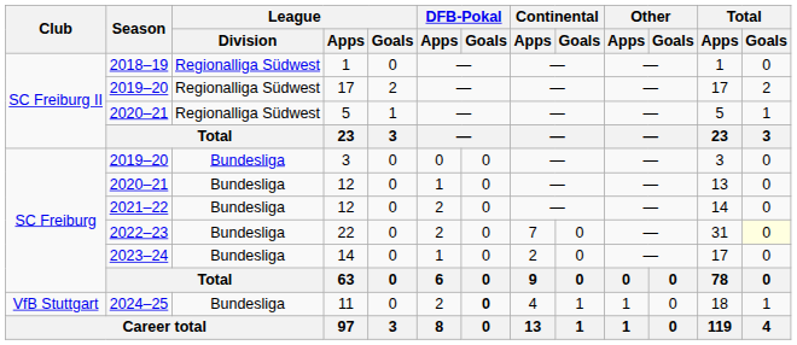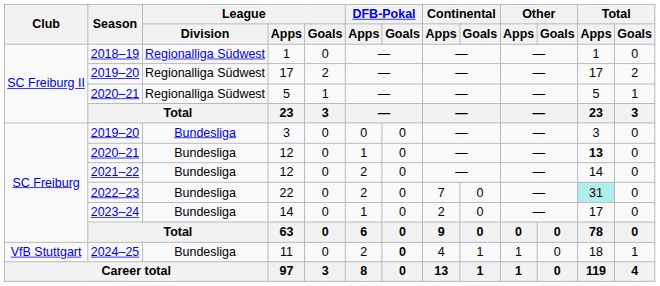 <table class="wikitable" style="text-align:center">
 <tr>
 <th rowspan="2">Club</th>
 <th rowspan="2">Season</th>
 <th colspan="3">League</th>
 <th colspan="2"><a href='#'>DFB-Pokal</a></th>
 <th colspan="2">Continental</th>
 <th colspan="2">Other</th>
 <th colspan="2">Total</th>
 </tr>
 <tr>
 <th>Division</th>
 <th>Apps</th>
 <th>Goals</th>
 <th>Apps</th>
 <th>Goals</th>
 <th>Apps</th>
 <th>Goals</th>
 <th>Apps</th>
 <th>Goals</th>
 <th>Apps</th>
 <th>Goals</th>
 </tr>
 <tr>
 <td rowspan="4"><a href='#'>SC Freiburg II</a></td>
 <td><a href='#'>2018–19</a></td>
 <td><a href='#'>Regionalliga Südwest</a></td>
 <td>1</td>
 <td>0</td>
 <td colspan="2">—</td>
 <td colspan="2">—</td>
 <td colspan="2">—</td>
 <td>1</td>
 <td>0</td>
 </tr>
 <tr>
 <td><a href='#'>2019–20</a></td>
 <td>Regionalliga Südwest</td>
 <td>17</td>
 <td>2</td>
 <td colspan="2">—</td>
 <td colspan="2">—</td>
 <td colspan="2">—</td>
 <td>17</td>
 <td>2</td>
 </tr>
 <tr>
 <td><a href='#'>2020–21</a></td>
 <td>Regionalliga Südwest</td>
 <td>5</td>
 <td>1</td>
 <td colspan="2">—</td>
 <td colspan="2">—</td>
 <td colspan="2">—</td>
 <td>5</td>
 <td>1</td>
 </tr>
 <tr>
 <th colspan="2">Total</th>
 <th>23</th>
 <th>3</th>
 <th colspan="2">—</th>
 <th colspan="2">—</th>
 <th colspan="2">—</th>
 <th>23</th>
 <th>3</th>
 </tr>
 <tr>
 <td rowspan="6"><a href='#'>SC Freiburg</a></td>
 <td><a href='#'>2019–20</a></td>
 <td><a href='#'>Bundesliga</a></td>
 <td>3</td>
 <td>0</td>
 <td>0</td>
 <td>0</td>
 <td colspan="2">—</td>
 <td colspan="2">—</td>
 <td>3</td>
 <td>0</td>
 </tr>
 <tr>
 <td><a href='#'>2020–21</a></td>
 <td>Bundesliga</td>
 <td>12</td>
 <td>0</td>
 <td>1</td>
 <td>0</td>
 <td colspan="2">—</td>
 <td colspan="2">—</td>
-<td>13</td>
+<td><strong>13</strong></td>
 <td>0</td>
 </tr>
 <tr>
 <td><a href='#'>2021–22</a></td>
 <td>Bundesliga</td>
 <td>12</td>
 <td>0</td>
 <td>2</td>
 <td>0</td>
 <td colspan="2">—</td>
 <td colspan="2">—</td>
 <td>14</td>
 <td>0</td>
 </tr>
 <tr>
 <td><a href='#'>2022–23</a></td>
 <td>Bundesliga</td>
 <td>22</td>
 <td>0</td>
 <td>2</td>
 <td>0</td>
 <td>7</td>
 <td>0</td>
 <td colspan="2">—</td>
-<td>31</td>
-<td style="background: lightyellow;">0</td>
+<td style="background: paleturquoise;">31</td>
+<td>0</td>
 </tr>
 <tr>
 <td><a href='#'>2023–24</a></td>
 <td>Bundesliga</td>
 <td>14</td>
 <td>0</td>
 <td>1</td>
 <td>0</td>
 <td>2</td>
 <td>0</td>
 <td colspan="2">—</td>
 <td>17</td>
 <td>0</td>
 </tr>
 <tr>
 <th colspan="2">Total</th>
 <th>63</th>
 <th>0</th>
 <th>6</th>
 <th>0</th>
 <th>9</th>
 <th>0</th>
 <th>0</th>
 <th>0</th>
 <th>78</th>
 <th>0</th>
 </tr>
 <tr>
 <td><a href='#'>VfB Stuttgart</a></td>
 <td><a href='#'>2024–25</a></td>
 <td>Bundesliga</td>
 <td>11</td>
 <td>0</td>
 <td>2</td>
 <td><strong>0</strong></td>
 <td>4</td>
 <td>1</td>
 <td>1</td>
 <td>0</td>
 <td>18</td>
 <td>1</td>
 </tr>
 <tr>
 <th colspan="3">Career total</th>
 <th>97</th>
 <th>3</th>
 <th>8</th>
 <th>0</th>
 <th>13</th>
 <th>1</th>
 <th>1</th>
 <th>0</th>
 <th>119</th>
 <th>4</th>
 </tr>
 </table>
